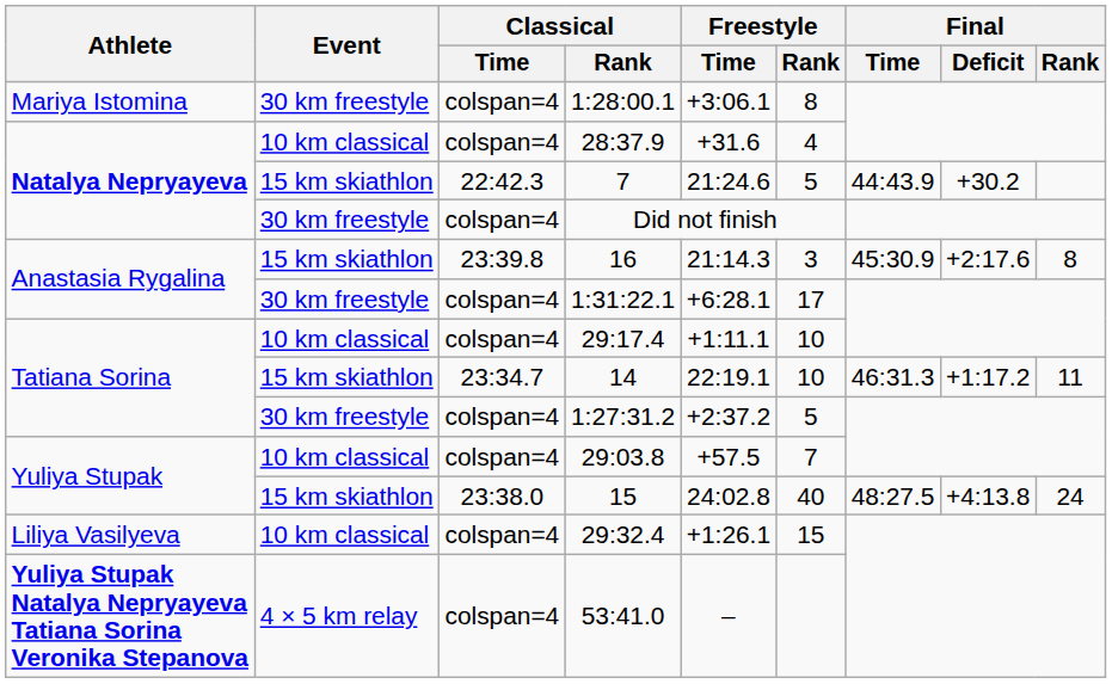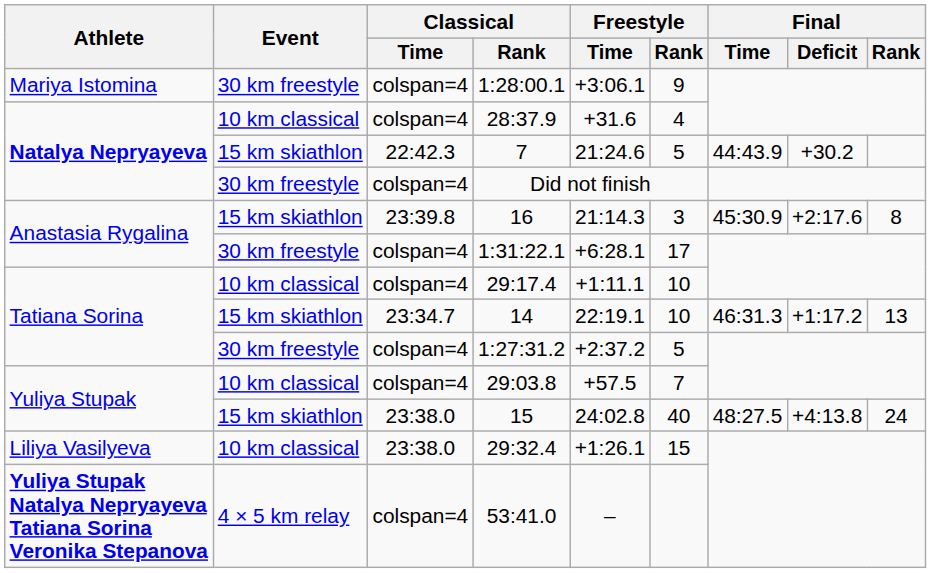 <table class=wikitable style="text-align:center; font-size:90%">
 <tr>
 <th rowspan=2>Athlete</th>
 <th rowspan=2>Event</th>
 <th colspan=2>Classical</th>
 <th colspan=2>Freestyle</th>
 <th colspan=3>Final</th>
 </tr>
 <tr style="font-size: 95%">
 <th>Time</th>
 <th>Rank</th>
 <th>Time</th>
 <th>Rank</th>
 <th>Time</th>
 <th>Deficit</th>
 <th>Rank</th>
 </tr>
 <tr>
 <td align=left><a href='#'>Mariya Istomina</a></td>
 <td align=left><a href='#'>30 km freestyle</a></td>
 <td>colspan=4 </td>
 <td>1:28:00.1</td>
 <td>+3:06.1</td>
-<td>8</td>
+<td>9</td>
 </tr>
 <tr>
 <td rowspan=3 align=left><strong><a href='#'>Natalya Nepryayeva</a></strong></td>
 <td align=left><a href='#'>10 km classical</a></td>
 <td>colspan=4 </td>
 <td>28:37.9</td>
 <td>+31.6</td>
 <td>4</td>
 </tr>
 <tr>
 <td align=left><a href='#'>15 km skiathlon</a></td>
 <td>22:42.3</td>
 <td>7</td>
 <td>21:24.6</td>
 <td>5</td>
 <td>44:43.9</td>
 <td>+30.2</td>
 <td></td>
 </tr>
 <tr>
 <td align=left><a href='#'>30 km freestyle</a></td>
 <td>colspan=4 </td>
 <td colspan=3>Did not finish</td>
 </tr>
 <tr>
 <td rowspan=2 align=left><a href='#'>Anastasia Rygalina</a></td>
 <td align=left><a href='#'>15 km skiathlon</a></td>
 <td>23:39.8</td>
 <td>16</td>
 <td>21:14.3</td>
 <td>3</td>
 <td>45:30.9</td>
 <td>+2:17.6</td>
 <td>8</td>
 </tr>
 <tr>
 <td align=left><a href='#'>30 km freestyle</a></td>
 <td>colspan=4 </td>
 <td>1:31:22.1</td>
 <td>+6:28.1</td>
 <td>17</td>
 </tr>
 <tr>
 <td rowspan=3 align=left><a href='#'>Tatiana Sorina</a></td>
 <td align=left><a href='#'>10 km classical</a></td>
 <td>colspan=4 </td>
 <td>29:17.4</td>
 <td>+1:11.1</td>
 <td>10</td>
 </tr>
 <tr>
 <td align=left><a href='#'>15 km skiathlon</a></td>
 <td>23:34.7</td>
 <td>14</td>
 <td>22:19.1</td>
 <td>10</td>
 <td>46:31.3</td>
 <td>+1:17.2</td>
-<td>11</td>
+<td>13</td>
 </tr>
 <tr>
 <td align=left><a href='#'>30 km freestyle</a></td>
 <td>colspan=4 </td>
 <td>1:27:31.2</td>
 <td>+2:37.2</td>
 <td>5</td>
 </tr>
 <tr>
 <td rowspan=2 align=left><a href='#'>Yuliya Stupak</a></td>
 <td align=left><a href='#'>10 km classical</a></td>
 <td>colspan=4 </td>
 <td>29:03.8</td>
 <td>+57.5</td>
 <td>7</td>
 </tr>
 <tr>
 <td align=left><a href='#'>15 km skiathlon</a></td>
 <td>23:38.0</td>
 <td>15</td>
 <td>24:02.8</td>
 <td>40</td>
 <td>48:27.5</td>
 <td>+4:13.8</td>
 <td>24</td>
 </tr>
 <tr>
 <td align=left><a href='#'>Liliya Vasilyeva</a></td>
 <td align=left><a href='#'>10 km classical</a></td>
-<td>colspan=4 </td>
+<td>23:38.0</td>
 <td>29:32.4</td>
 <td>+1:26.1</td>
 <td>15</td>
 </tr>
 <tr>
 <td align=left><strong><a href='#'>Yuliya Stupak</a><br><a href='#'>Natalya Nepryayeva</a><br><a href='#'>Tatiana Sorina</a><br><a href='#'>Veronika Stepanova</a></strong></td>
 <td align=left><a href='#'>4 × 5 km relay</a></td>
 <td>colspan=4 </td>
 <td>53:41.0</td>
 <td>–</td>
 <td></td>
 </tr>
 </table>
